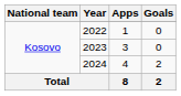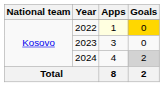 <table class="wikitable" style="text-align: center;">
 <tr>
 <th>National team</th>
 <th>Year</th>
 <th>Apps</th>
 <th>Goals</th>
 </tr>
 <tr>
 <td rowspan="4"><a href='#'>Kosovo</a></td>
 </tr>
 <tr>
 <td>2022</td>
-<td>1</td>
-<td>0</td>
+<td style="background: lightyellow;">1</td>
+<td style="background: gold;">0</td>
 </tr>
 <tr>
 <td>2023</td>
 <td>3</td>
 <td>0</td>
 </tr>
 <tr>
 <td>2024</td>
 <td>4</td>
-<td>2</td>
+<td style="background: lightgrey;">2</td>
 </tr>
 <tr>
 <th colspan=2>Total</th>
 <th>8</th>
 <th>2</th>
 </tr>
 </table>
